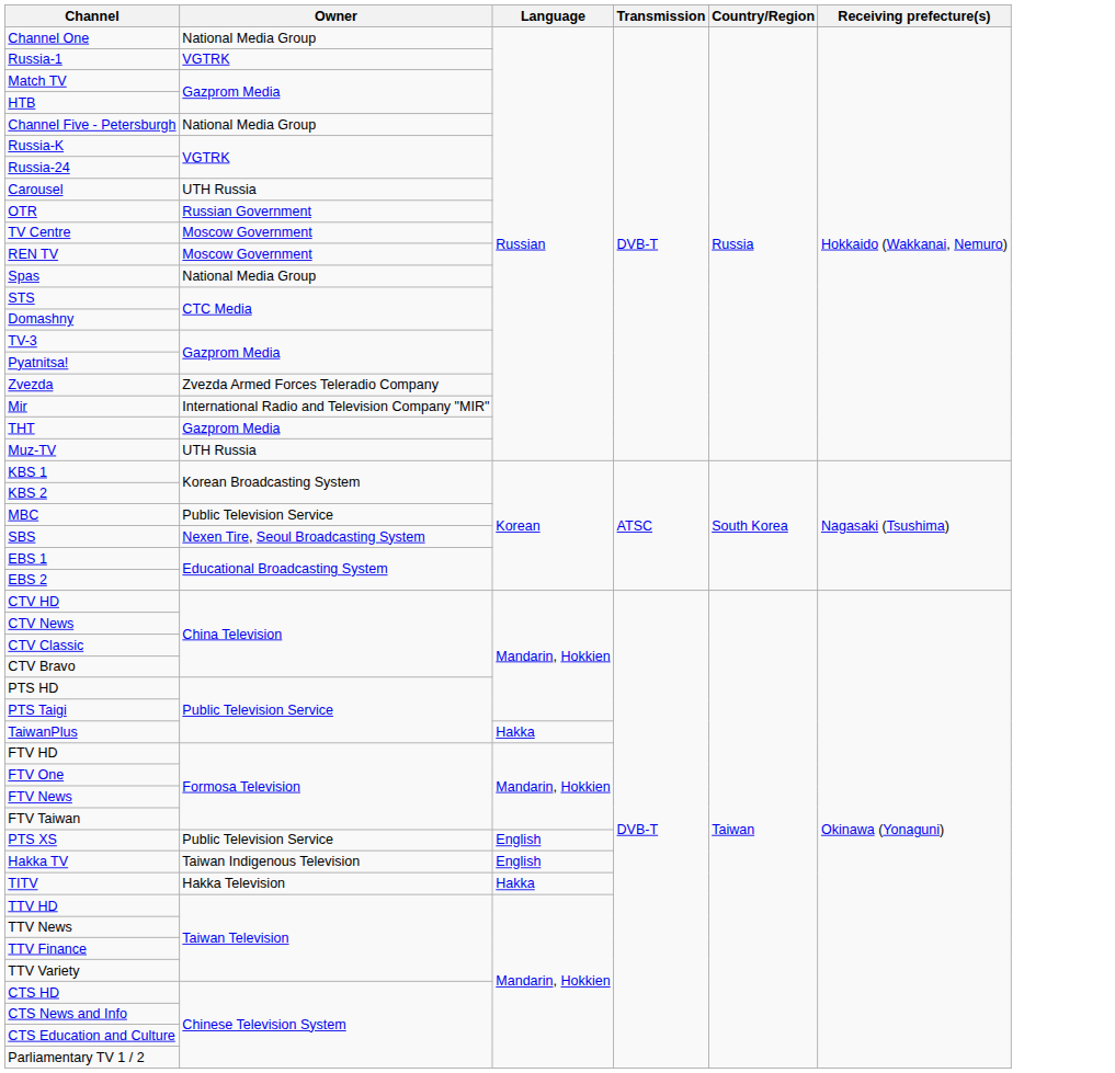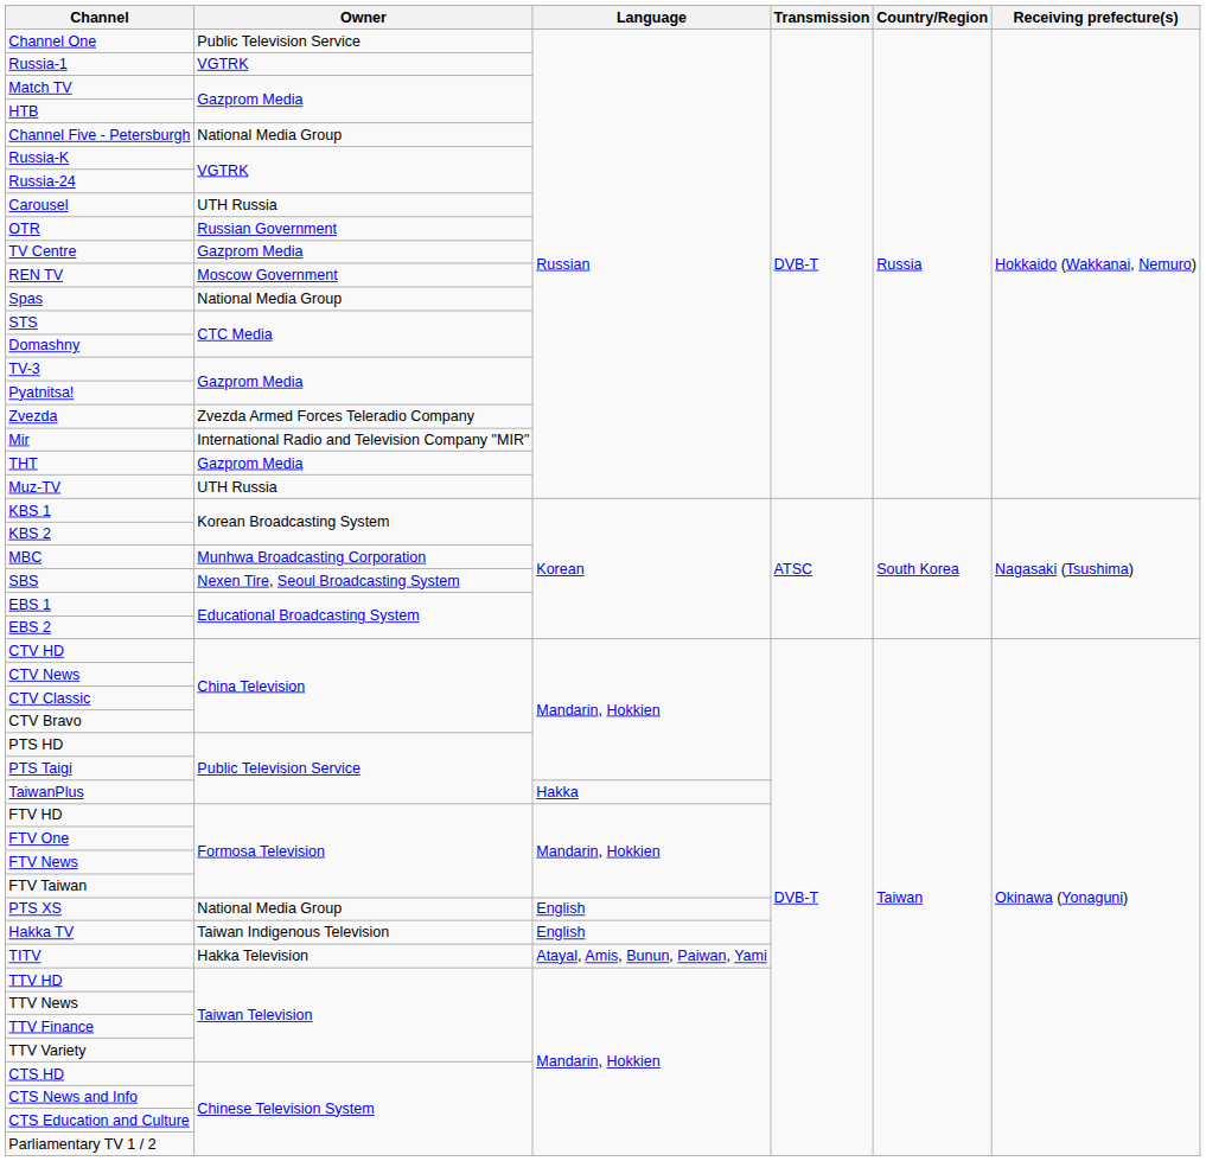 <table class="wikitable" style="font-size: 90%">
 <tr>
 <th>Channel</th>
 <th>Owner</th>
 <th>Language</th>
 <th>Transmission</th>
 <th>Country/Region</th>
 <th>Receiving prefecture(s)</th>
 </tr>
 <tr>
 <td><a href='#'>Channel One</a></td>
-<td>National Media Group</td>
+<td>Public Television Service</td>
 <td rowspan="20"><a href='#'>Russian</a></td>
 <td rowspan="20"><a href='#'>DVB-T</a></td>
 <td rowspan="20"><a href='#'>Russia</a></td>
 <td rowspan="20"><a href='#'>Hokkaido</a> (<a href='#'>Wakkanai</a>, <a href='#'>Nemuro</a>)</td>
 </tr>
 <tr>
 <td><a href='#'>Russia-1</a></td>
 <td><a href='#'>VGTRK</a></td>
 </tr>
 <tr>
 <td><a href='#'>Match TV</a></td>
 <td rowspan="2"><a href='#'>Gazprom Media</a></td>
 </tr>
 <tr>
 <td><a href='#'>НТВ</a></td>
 </tr>
 <tr>
 <td><a href='#'>Channel Five - Petersburgh</a></td>
 <td>National Media Group</td>
 </tr>
 <tr>
 <td><a href='#'>Russia-K</a></td>
 <td rowspan="2"><a href='#'>VGTRK</a></td>
 </tr>
 <tr>
 <td><a href='#'>Russia-24</a></td>
 </tr>
 <tr>
 <td><a href='#'>Carousel</a></td>
 <td>UTH Russia</td>
 </tr>
 <tr>
 <td><a href='#'>OTR</a></td>
 <td><a href='#'>Russian Government</a></td>
 </tr>
 <tr>
 <td><a href='#'>TV Centre</a></td>
-<td><a href='#'>Moscow Government</a></td>
+<td><a href='#'>Gazprom Media</a></td>
 </tr>
 <tr>
 <td><a href='#'>REN TV</a></td>
 <td><a href='#'>Moscow Government</a></td>
 </tr>
 <tr>
 <td><a href='#'>Spas</a></td>
 <td>National Media Group</td>
 </tr>
 <tr>
 <td><a href='#'>STS</a></td>
 <td rowspan="2"><a href='#'>CTC Media</a></td>
 </tr>
 <tr>
 <td><a href='#'>Domashny</a></td>
 </tr>
 <tr>
 <td><a href='#'>TV-3</a></td>
 <td rowspan="2"><a href='#'>Gazprom Media</a></td>
 </tr>
 <tr>
 <td><a href='#'>Pyatnitsa!</a></td>
 </tr>
 <tr>
 <td><a href='#'>Zvezda</a></td>
 <td>Zvezda Armed Forces Teleradio Company</td>
 </tr>
 <tr>
 <td><a href='#'>Mir</a></td>
 <td>International Radio and Television Company "MIR"</td>
 </tr>
 <tr>
 <td><a href='#'>ТНТ</a></td>
 <td><a href='#'>Gazprom Media</a></td>
 </tr>
 <tr>
 <td><a href='#'>Muz-TV</a></td>
 <td>UTH Russia</td>
 </tr>
 <tr>
 <td><a href='#'>KBS 1</a></td>
 <td rowspan="2">Korean Broadcasting System</td>
 <td rowspan="6"><a href='#'>Korean</a></td>
 <td rowspan="6"><a href='#'>ATSC</a></td>
 <td rowspan="6"><a href='#'>South Korea</a></td>
 <td rowspan="6"><a href='#'>Nagasaki</a> (<a href='#'>Tsushima</a>)</td>
 </tr>
 <tr>
 <td><a href='#'>KBS 2</a></td>
 </tr>
 <tr>
 <td><a href='#'>MBC</a></td>
-<td>Public Television Service</td>
+<td><a href='#'>Munhwa Broadcasting Corporation</a></td>
 </tr>
 <tr>
 <td><a href='#'>SBS</a></td>
 <td><a href='#'>Nexen Tire</a>, <a href='#'>Seoul Broadcasting System</a></td>
 </tr>
 <tr>
 <td><a href='#'>EBS 1</a></td>
 <td rowspan="2"><a href='#'>Educational Broadcasting System</a></td>
 </tr>
 <tr>
 <td><a href='#'>EBS 2</a></td>
 </tr>
 <tr>
 <td><a href='#'>CTV HD</a></td>
 <td rowspan="4"><a href='#'>China Television</a></td>
 <td rowspan="6"><a href='#'>Mandarin</a>, <a href='#'>Hokkien</a></td>
 <td rowspan="22"><a href='#'>DVB-T</a></td>
 <td rowspan="22"><a href='#'>Taiwan</a></td>
 <td rowspan="22"><a href='#'>Okinawa</a> (<a href='#'>Yonaguni</a>)</td>
 </tr>
 <tr>
 <td><a href='#'>CTV News</a></td>
 </tr>
 <tr>
 <td><a href='#'>CTV Classic</a></td>
 </tr>
 <tr>
 <td>CTV Bravo</td>
 </tr>
 <tr>
 <td>PTS HD</td>
 <td rowspan="3"><a href='#'>Public Television Service</a></td>
 </tr>
 <tr>
 <td><a href='#'>PTS Taigi</a></td>
 </tr>
 <tr>
 <td><a href='#'>TaiwanPlus</a></td>
 <td><a href='#'>Hakka</a></td>
 </tr>
 <tr>
 <td>FTV HD</td>
 <td rowspan="4"><a href='#'>Formosa Television</a></td>
 <td rowspan="4"><a href='#'>Mandarin</a>, <a href='#'>Hokkien</a></td>
 </tr>
 <tr>
 <td><a href='#'>FTV One</a></td>
 </tr>
 <tr>
 <td><a href='#'>FTV News</a></td>
 </tr>
 <tr>
 <td>FTV Taiwan</td>
 </tr>
 <tr>
 <td><a href='#'>PTS XS</a></td>
-<td>Public Television Service</td>
+<td>National Media Group</td>
 <td><a href='#'>English</a></td>
 </tr>
 <tr>
 <td><a href='#'>Hakka TV</a></td>
 <td>Taiwan Indigenous Television</td>
 <td><a href='#'>English</a></td>
 </tr>
 <tr>
 <td><a href='#'>TITV</a></td>
 <td>Hakka Television</td>
-<td><a href='#'>Hakka</a></td>
+<td><a href='#'>Atayal</a>, <a href='#'>Amis</a>, <a href='#'>Bunun</a>, <a href='#'>Paiwan</a>, <a href='#'>Yami</a></td>
 </tr>
 <tr>
 <td><a href='#'>TTV HD</a></td>
 <td rowspan="4"><a href='#'>Taiwan Television</a></td>
 <td rowspan="8"><a href='#'>Mandarin</a>, <a href='#'>Hokkien</a></td>
 </tr>
 <tr>
 <td>TTV News</td>
 </tr>
 <tr>
 <td><a href='#'>TTV Finance</a></td>
 </tr>
 <tr>
 <td>TTV Variety</td>
 </tr>
 <tr>
 <td><a href='#'>CTS HD</a></td>
 <td rowspan="4"><a href='#'>Chinese Television System</a></td>
 </tr>
 <tr>
 <td><a href='#'>CTS News and Info</a></td>
 </tr>
 <tr>
 <td><a href='#'>CTS Education and Culture</a></td>
 </tr>
 <tr>
 <td>Parliamentary TV 1 / 2</td>
 </tr>
 </table>
